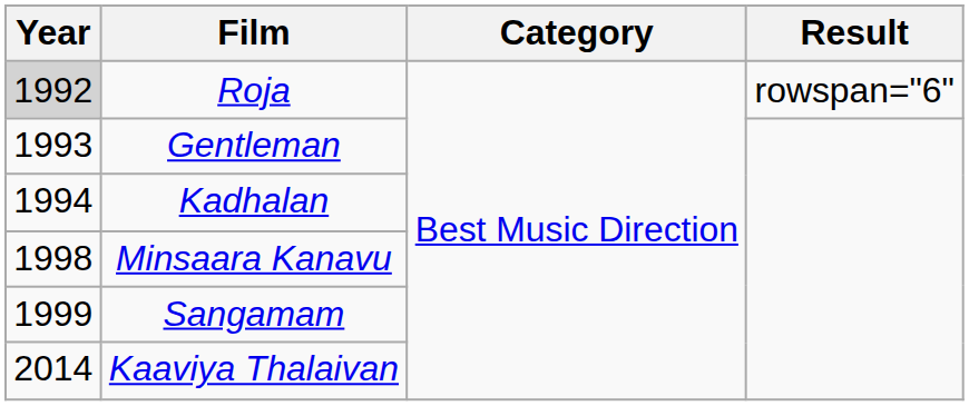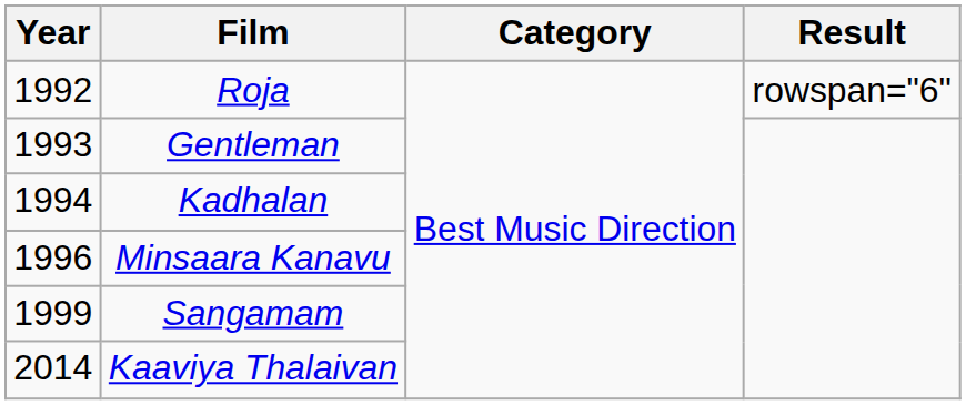 <table class="wikitable">
 <tr>
 <th>Year</th>
 <th>Film</th>
 <th>Category</th>
 <th>Result</th>
 </tr>
 <tr>
-<td style="background: lightgrey; text-align:center;">1992</td>
+<td style="text-align:center;">1992</td>
 <td style="text-align:center;"><em><a href='#'>Roja</a></em></td>
 <td style="text-align:center;" rowspan="6"><a href='#'>Best Music Direction</a></td>
 <td>rowspan="6" </td>
 </tr>
 <tr>
 <td style="text-align:center;">1993</td>
 <td style="text-align:center;"><em><a href='#'>Gentleman</a></em></td>
 </tr>
 <tr>
 <td style="text-align:center;">1994</td>
 <td style="text-align:center;"><em><a href='#'>Kadhalan</a></em></td>
 </tr>
 <tr>
-<td style="text-align:center;">1998</td>
+<td style="text-align:center;">1996</td>
 <td style="text-align:center;"><em><a href='#'>Minsaara Kanavu</a></em></td>
 </tr>
 <tr>
 <td style="text-align:center;">1999</td>
 <td style="text-align:center;"><em><a href='#'>Sangamam</a></em></td>
 </tr>
 <tr>
 <td style="text-align:center;">2014</td>
 <td style="text-align:center;"><em><a href='#'>Kaaviya Thalaivan</a></em></td>
 </tr>
 </table>
